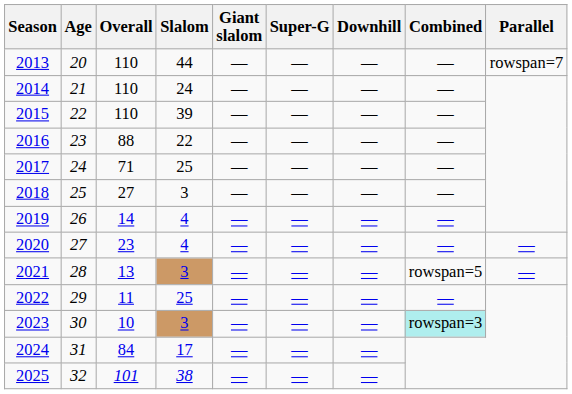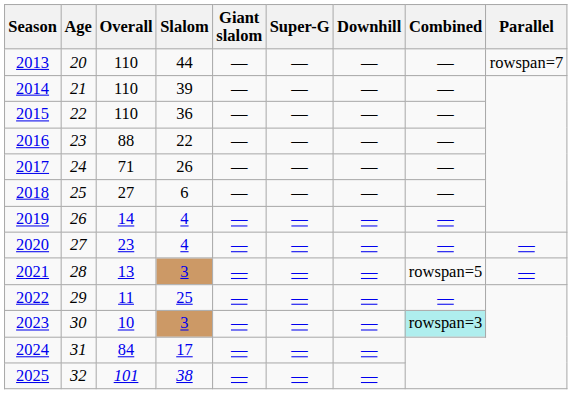 <table class=wikitable style="text-align:center">
 <tr>
 <th>Season</th>
 <th>Age</th>
 <th>Overall</th>
 <th>Slalom</th>
 <th>Giant<br>slalom</th>
 <th>Super-G</th>
 <th>Downhill</th>
 <th>Combined</th>
 <th>Parallel</th>
 </tr>
 <tr>
 <td><a href='#'>2013</a></td>
 <td><em>20</em></td>
 <td>110</td>
 <td>44</td>
 <td>—</td>
 <td>—</td>
 <td>—</td>
 <td>—</td>
 <td>rowspan=7 </td>
 </tr>
 <tr>
 <td><a href='#'>2014</a></td>
 <td><em>21</em></td>
 <td>110</td>
-<td>24</td>
+<td>39</td>
 <td>—</td>
 <td>—</td>
 <td>—</td>
 <td>—</td>
 </tr>
 <tr>
 <td><a href='#'>2015</a></td>
 <td><em>22</em></td>
 <td>110</td>
-<td>39</td>
+<td>36</td>
 <td>—</td>
 <td>—</td>
 <td>—</td>
 <td>—</td>
 </tr>
 <tr>
 <td><a href='#'>2016</a></td>
 <td><em>23</em></td>
 <td>88</td>
 <td>22</td>
 <td>—</td>
 <td>—</td>
 <td>—</td>
 <td>—</td>
 </tr>
 <tr>
 <td><a href='#'>2017</a></td>
 <td><em>24</em></td>
 <td>71</td>
-<td>25</td>
+<td>26</td>
 <td>—</td>
 <td>—</td>
 <td>—</td>
 <td>—</td>
 </tr>
 <tr>
 <td><a href='#'>2018</a></td>
 <td><em>25</em></td>
 <td>27</td>
-<td>3</td>
+<td>6</td>
 <td>—</td>
 <td>—</td>
 <td>—</td>
 <td>—</td>
 </tr>
 <tr>
 <td><a href='#'>2019</a></td>
 <td><em>26</em></td>
 <td><a href='#'>14</a></td>
 <td><a href='#'>4</a></td>
 <td><a href='#'>—</a></td>
 <td><a href='#'>—</a></td>
 <td><a href='#'>—</a></td>
 <td><a href='#'>—</a></td>
 </tr>
 <tr>
 <td><a href='#'>2020</a></td>
 <td><em>27</em></td>
 <td><a href='#'>23</a></td>
 <td><a href='#'>4</a></td>
 <td><a href='#'>—</a></td>
 <td><a href='#'>—</a></td>
 <td><a href='#'>—</a></td>
 <td><a href='#'>—</a></td>
 <td><a href='#'>—</a></td>
 </tr>
 <tr>
 <td><a href='#'>2021</a></td>
 <td><em>28</em></td>
 <td><a href='#'>13</a></td>
 <td bgcolor="cc9966"><a href='#'>3</a></td>
 <td><a href='#'>—</a></td>
 <td><a href='#'>—</a></td>
 <td><a href='#'>—</a></td>
 <td>rowspan=5 </td>
 <td><a href='#'>—</a></td>
 </tr>
 <tr>
 <td><a href='#'>2022</a></td>
 <td><em>29</em></td>
 <td><a href='#'>11</a></td>
 <td><a href='#'>25</a></td>
 <td><a href='#'>—</a></td>
 <td><a href='#'>—</a></td>
 <td><a href='#'>—</a></td>
 <td><a href='#'>—</a></td>
 </tr>
 <tr>
 <td><a href='#'>2023</a></td>
 <td><em>30</em></td>
 <td><a href='#'>10</a></td>
 <td bgcolor="cc9966"><a href='#'>3</a></td>
 <td><a href='#'>—</a></td>
 <td><a href='#'>—</a></td>
 <td><a href='#'>—</a></td>
 <td style="background: paleturquoise;">rowspan=3 </td>
 </tr>
 <tr>
 <td><a href='#'>2024</a></td>
 <td><em>31</em></td>
 <td><a href='#'>84</a></td>
 <td><a href='#'>17</a></td>
 <td><a href='#'>—</a></td>
 <td><a href='#'>—</a></td>
 <td><a href='#'>—</a></td>
 </tr>
 <tr>
 <td><a href='#'>2025</a></td>
 <td><em>32</em></td>
 <td><a href='#'><em>101</em></a></td>
 <td><a href='#'><em>38</em></a></td>
 <td><a href='#'>—</a></td>
 <td><a href='#'>—</a></td>
 <td><a href='#'>—</a></td>
 </tr>
 </table>
